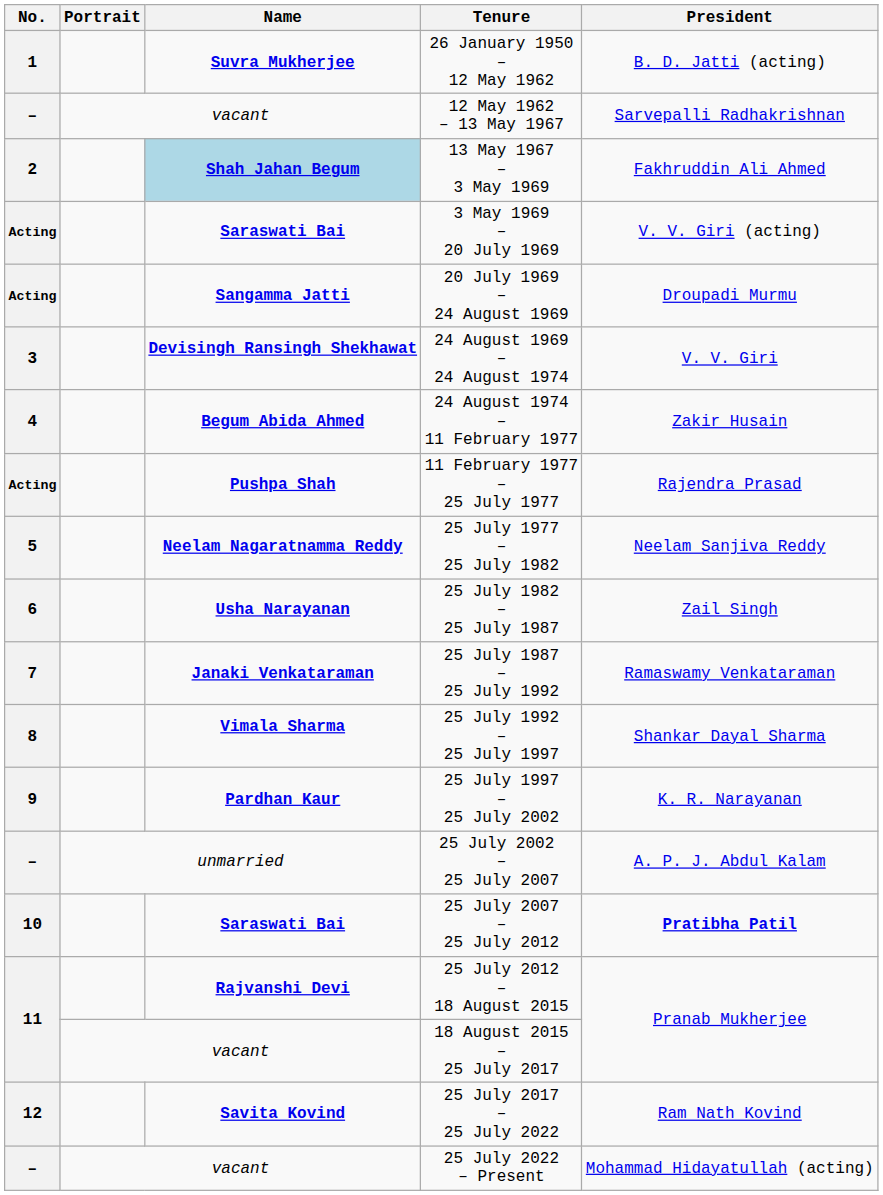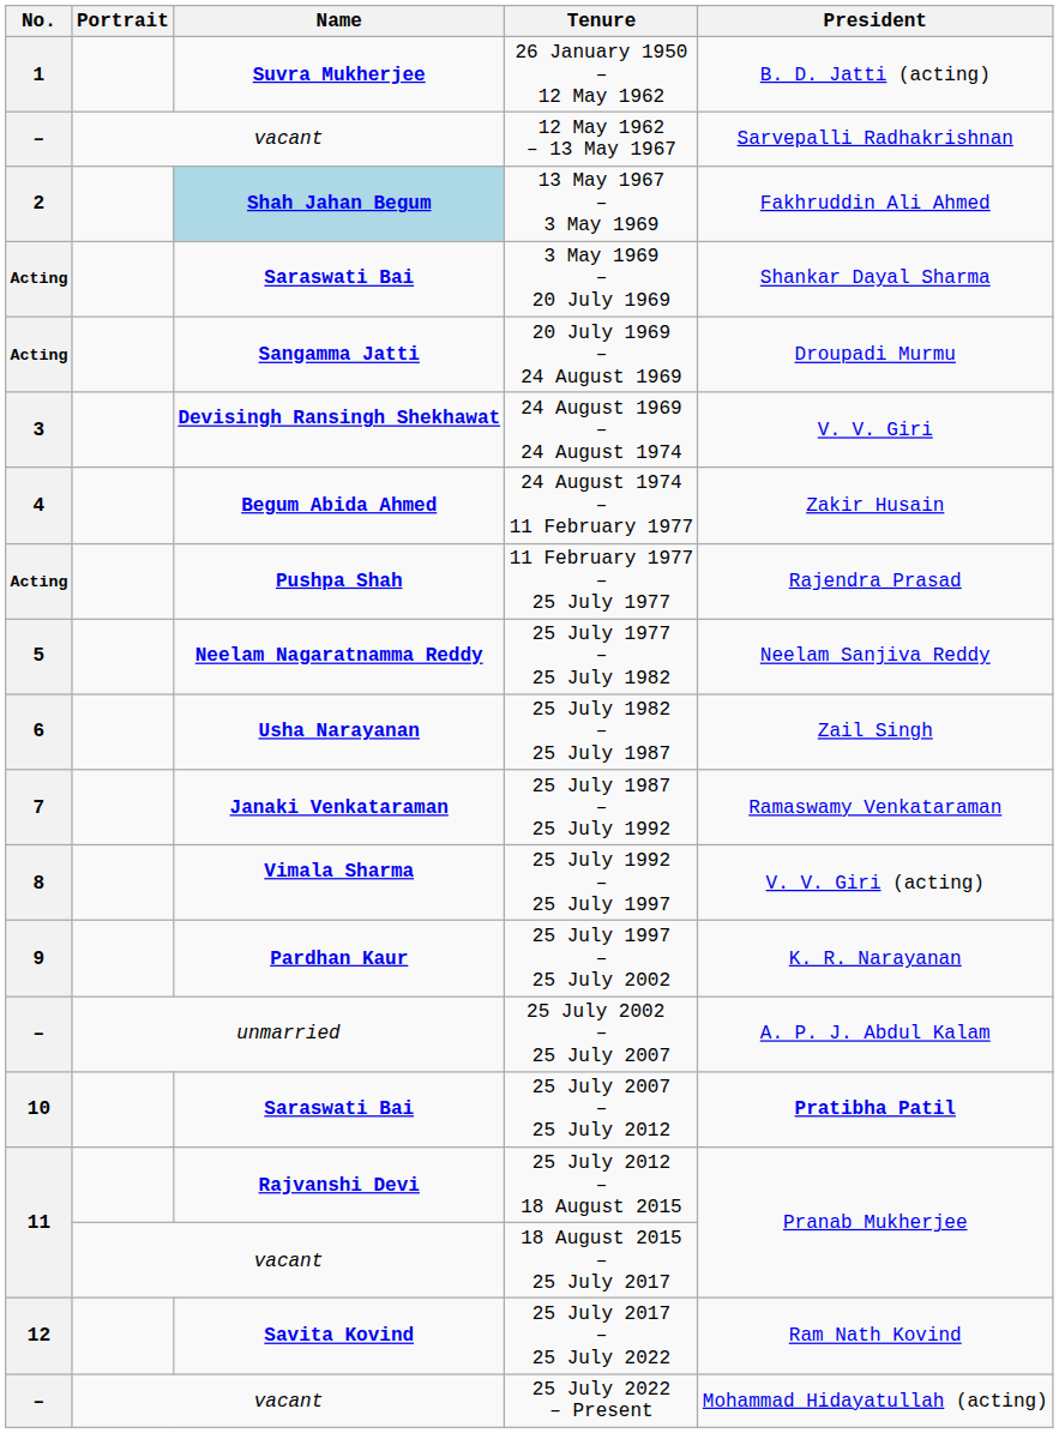 <table class="wikitable sortable" style="text-align:Center;">
 <tr>
 <th class="unsortable"><abbr>No.</abbr></th>
 <th class="unsortable">Portrait</th>
 <th class="unsortable">Name</th>
 <th class="unsortable">Tenure</th>
 <th class="unsortable">President</th>
 </tr>
 <tr>
 <th>1</th>
 <td></td>
 <td><strong><a href='#'>Suvra Mukherjee</a></strong><br></td>
 <td>26 January 1950<br>–<br>12 May 1962</td>
 <td><a href='#'>B. D. Jatti</a> (acting)<br></td>
 </tr>
 <tr>
 <th>–</th>
 <td colspan="2"><em>vacant</em></td>
 <td>12 May 1962<br>– 13 May 1967</td>
 <td><a href='#'>Sarvepalli Radhakrishnan</a></td>
 </tr>
 <tr>
 <th>2</th>
 <td></td>
 <td style="background: lightblue;"><strong><a href='#'>Shah Jahan Begum</a></strong></td>
 <td>13 May 1967<br>–<br>3 May 1969</td>
 <td><a href='#'>Fakhruddin Ali Ahmed</a><br></td>
 </tr>
 <tr>
 <th><small>Acting</small></th>
 <td></td>
 <td><strong><a href='#'>Saraswati Bai</a></strong></td>
 <td>3 May 1969<br>–<br>20 July 1969</td>
-<td><a href='#'>V. V. Giri</a> (acting)<br></td>
+<td><a href='#'>Shankar Dayal Sharma</a><br></td>
 </tr>
 <tr>
 <th><small>Acting</small></th>
 <td></td>
 <td><strong><a href='#'>Sangamma Jatti</a></strong></td>
 <td>20 July 1969<br>–<br>24 August 1969</td>
 <td><a href='#'>Droupadi Murmu</a></td>
 </tr>
 <tr>
 <th>3</th>
 <td></td>
 <td><strong><a href='#'>Devisingh Ransingh Shekhawat</a></strong><br><br></td>
 <td>24 August 1969<br>–<br>24 August 1974</td>
 <td><a href='#'>V. V. Giri</a><br></td>
 </tr>
 <tr>
 <th>4</th>
 <td></td>
 <td><strong><a href='#'>Begum Abida Ahmed</a></strong><br></td>
 <td>24 August 1974<br>–<br>11 February 1977</td>
 <td><a href='#'>Zakir Husain</a><br></td>
 </tr>
 <tr>
 <th><small>Acting</small></th>
 <td></td>
 <td><strong><a href='#'>Pushpa Shah</a></strong></td>
 <td>11 February 1977<br>–<br>25 July 1977</td>
 <td><a href='#'>Rajendra Prasad</a><br></td>
 </tr>
 <tr>
 <th>5</th>
 <td></td>
 <td><strong><a href='#'>Neelam Nagaratnamma Reddy</a></strong><br></td>
 <td>25 July 1977<br>–<br>25 July 1982</td>
 <td><a href='#'>Neelam Sanjiva Reddy</a><br></td>
 </tr>
 <tr>
 <th>6</th>
 <td></td>
 <td><strong><a href='#'>Usha Narayanan</a></strong><br></td>
 <td>25 July 1982<br>–<br>25 July 1987</td>
 <td><a href='#'>Zail Singh</a><br></td>
 </tr>
 <tr>
 <th>7</th>
 <td></td>
 <td><strong><a href='#'>Janaki Venkataraman</a></strong><br></td>
 <td>25 July 1987<br>–<br>25 July 1992</td>
 <td><a href='#'>Ramaswamy Venkataraman</a><br></td>
 </tr>
 <tr>
 <th>8</th>
 <td></td>
 <td><strong><a href='#'>Vimala Sharma</a></strong><br><br></td>
 <td>25 July 1992<br>–<br>25 July 1997</td>
-<td><a href='#'>Shankar Dayal Sharma</a><br></td>
+<td><a href='#'>V. V. Giri</a> (acting)<br></td>
 </tr>
 <tr>
 <th>9</th>
 <td></td>
 <td><strong><a href='#'>Pardhan Kaur</a></strong><br></td>
 <td>25 July 1997<br>–<br>25 July 2002</td>
 <td><a href='#'>K. R. Narayanan</a><br></td>
 </tr>
 <tr>
 <th>–</th>
 <td colspan="2"><em>unmarried</em></td>
 <td>25 July 2002 <br>–<br> 25 July 2007</td>
 <td><a href='#'>A. P. J. Abdul Kalam</a></td>
 </tr>
 <tr>
 <th>10</th>
 <td></td>
 <td><strong><a href='#'>Saraswati Bai</a></strong></td>
 <td>25 July 2007<br>–<br>25 July 2012</td>
 <td><strong><a href='#'>Pratibha Patil</a><br></strong></td>
 </tr>
 <tr>
 <th rowspan="2">11</th>
 <td></td>
 <td><strong><a href='#'>Rajvanshi Devi</a></strong><br></td>
 <td>25 July 2012<br>–<br>18 August 2015</td>
 <td rowspan="2"><a href='#'>Pranab Mukherjee</a><br></td>
 </tr>
 <tr>
 <td colspan="2"><em>vacant</em></td>
 <td>18 August 2015<br>–<br>25 July 2017</td>
 </tr>
 <tr>
 <th>12</th>
 <td></td>
 <td><strong><a href='#'>Savita Kovind</a></strong><br></td>
 <td>25 July 2017<br>–<br>25 July 2022</td>
 <td><a href='#'>Ram Nath Kovind</a><br></td>
 </tr>
 <tr>
 <th>–</th>
 <td colspan="2"><em>vacant</em></td>
 <td>25 July 2022<br>– Present</td>
 <td><a href='#'>Mohammad Hidayatullah</a> (acting)<br></td>
 </tr>
 </table>
